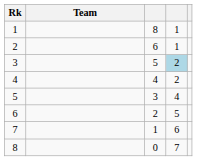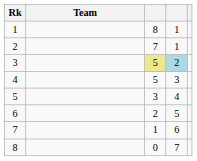 <table class=wikitable style="text-align:center; font-size:95%">
 <tr>
 <th width=25>Rk</th>
 <th width=170>Team</th>
 <th width=25></th>
 <th width=25></th>
 <th colspan=2></th>
 </tr>
 <tr>
 <td>1</td>
 <td align=left></td>
 <td>8</td>
 <td>1</td>
 <td colspan=2></td>
 </tr>
 <tr>
 <td>2</td>
 <td align=left></td>
-<td>6</td>
+<td>7</td>
 <td>1</td>
 <td colspan=2></td>
 </tr>
 <tr>
 <td>3</td>
 <td align=left></td>
-<td>5</td>
+<td style="background: khaki;">5</td>
 <td style="background: lightblue;">2</td>
 <td colspan=2></td>
 </tr>
 <tr>
 <td>4</td>
 <td align=left></td>
-<td>4</td>
-<td>2</td>
+<td>5</td>
+<td>3</td>
 <td></td>
 </tr>
 <tr>
 <td>5</td>
 <td align=left></td>
 <td>3</td>
 <td>4</td>
 <td></td>
 </tr>
 <tr>
 <td>6</td>
 <td align=left></td>
 <td>2</td>
 <td>5</td>
 <td></td>
 </tr>
 <tr>
 <td>7</td>
 <td align=left></td>
 <td>1</td>
 <td>6</td>
 <td></td>
 </tr>
 <tr>
 <td>8</td>
 <td align=left></td>
 <td>0</td>
 <td>7</td>
 <td></td>
 </tr>
 </table>
